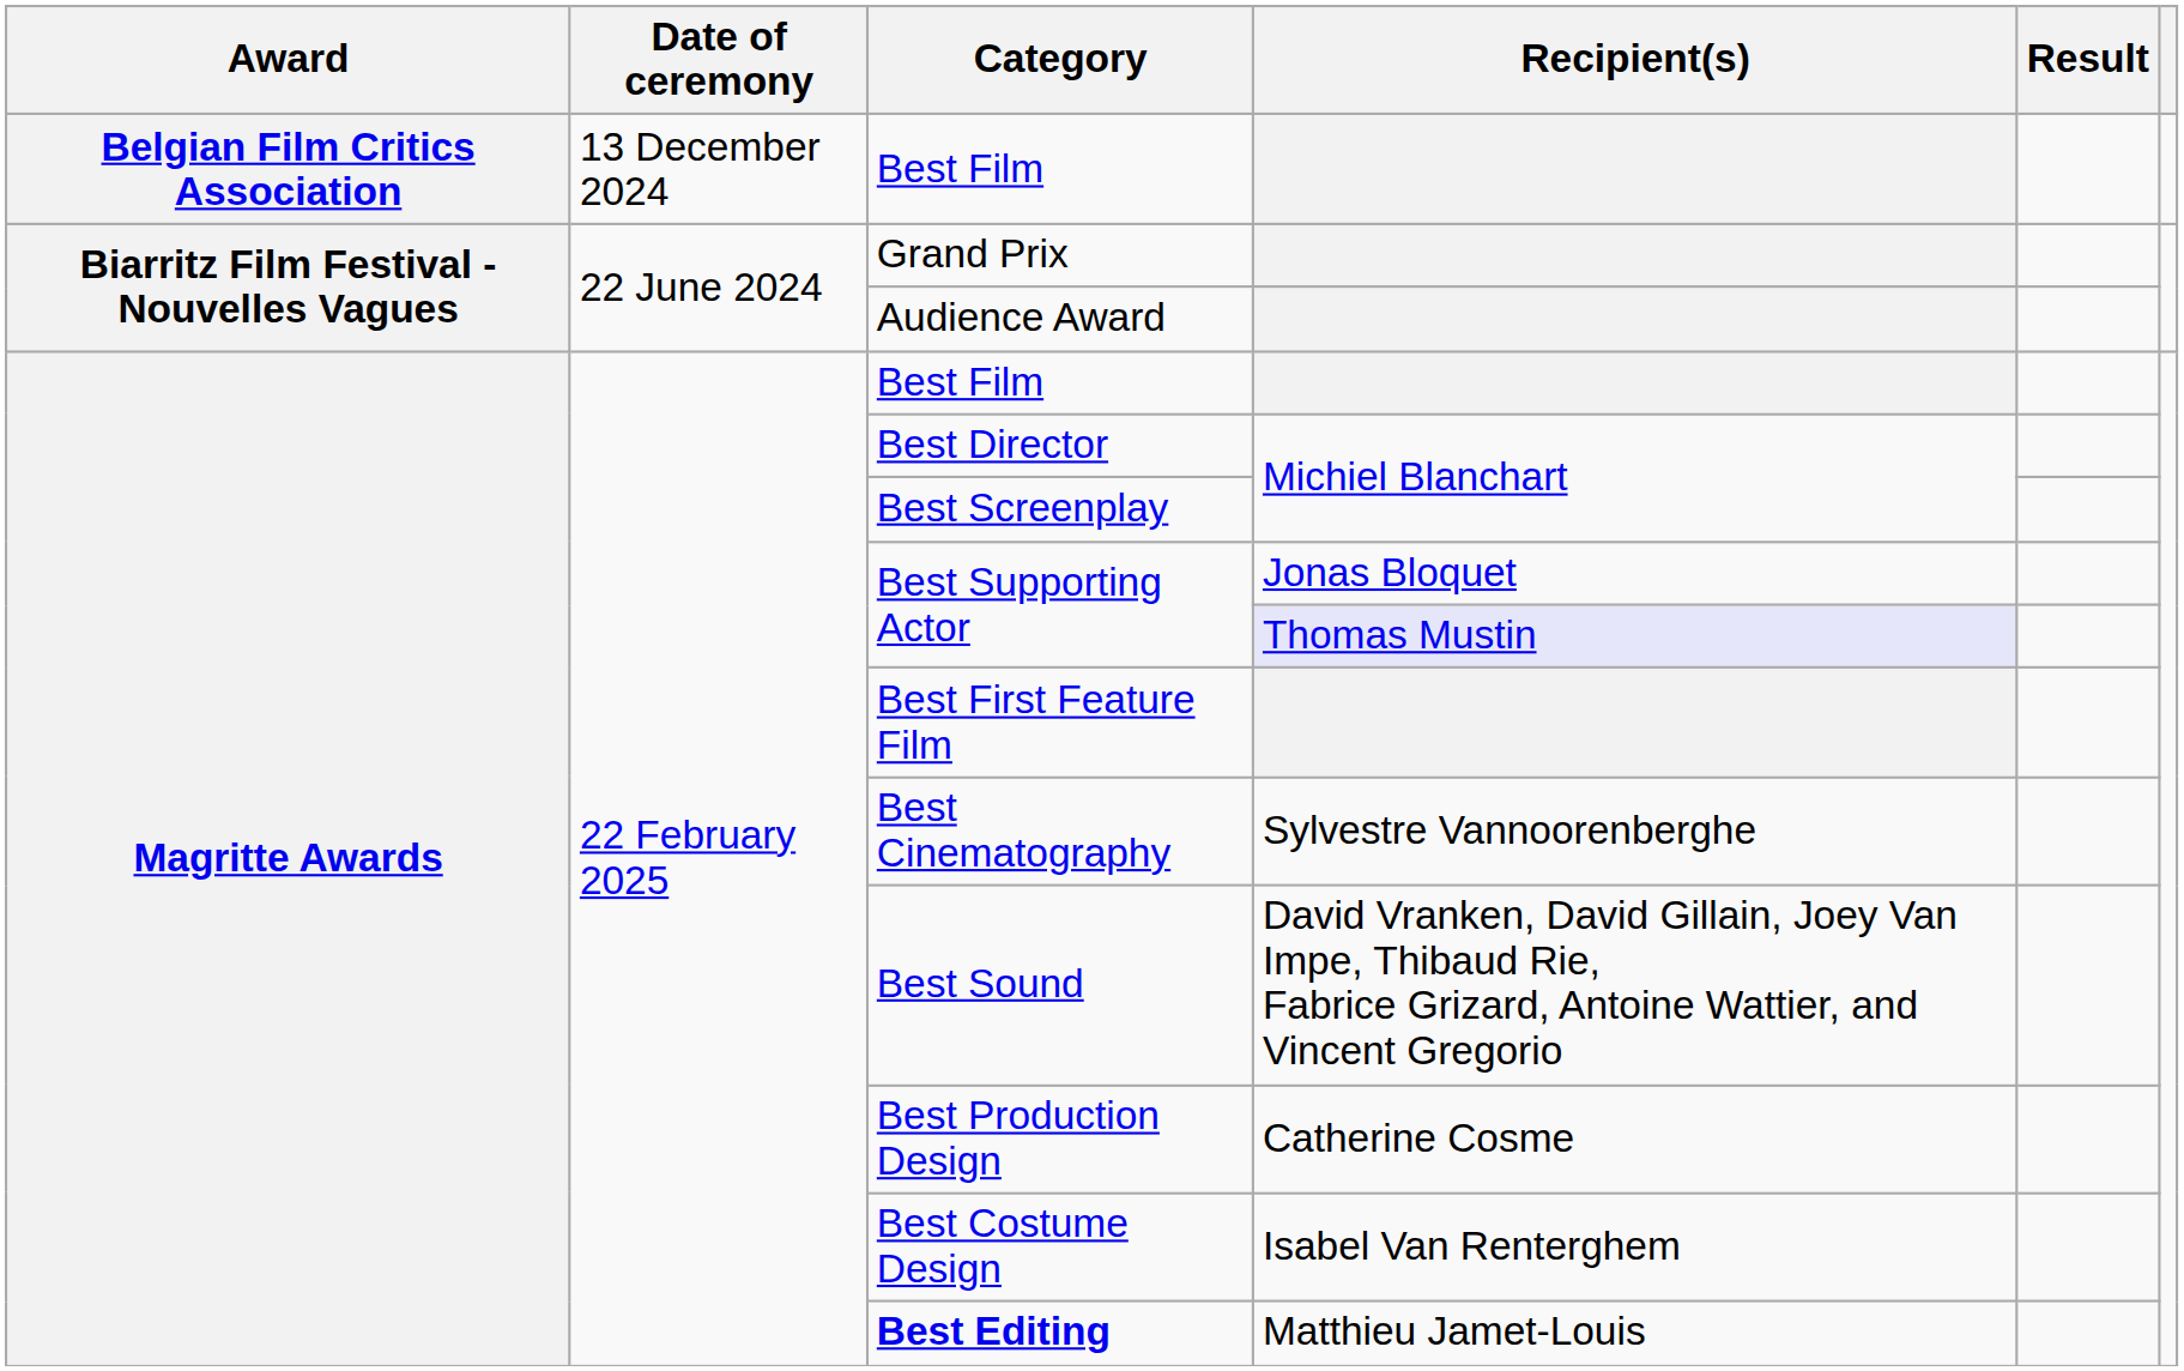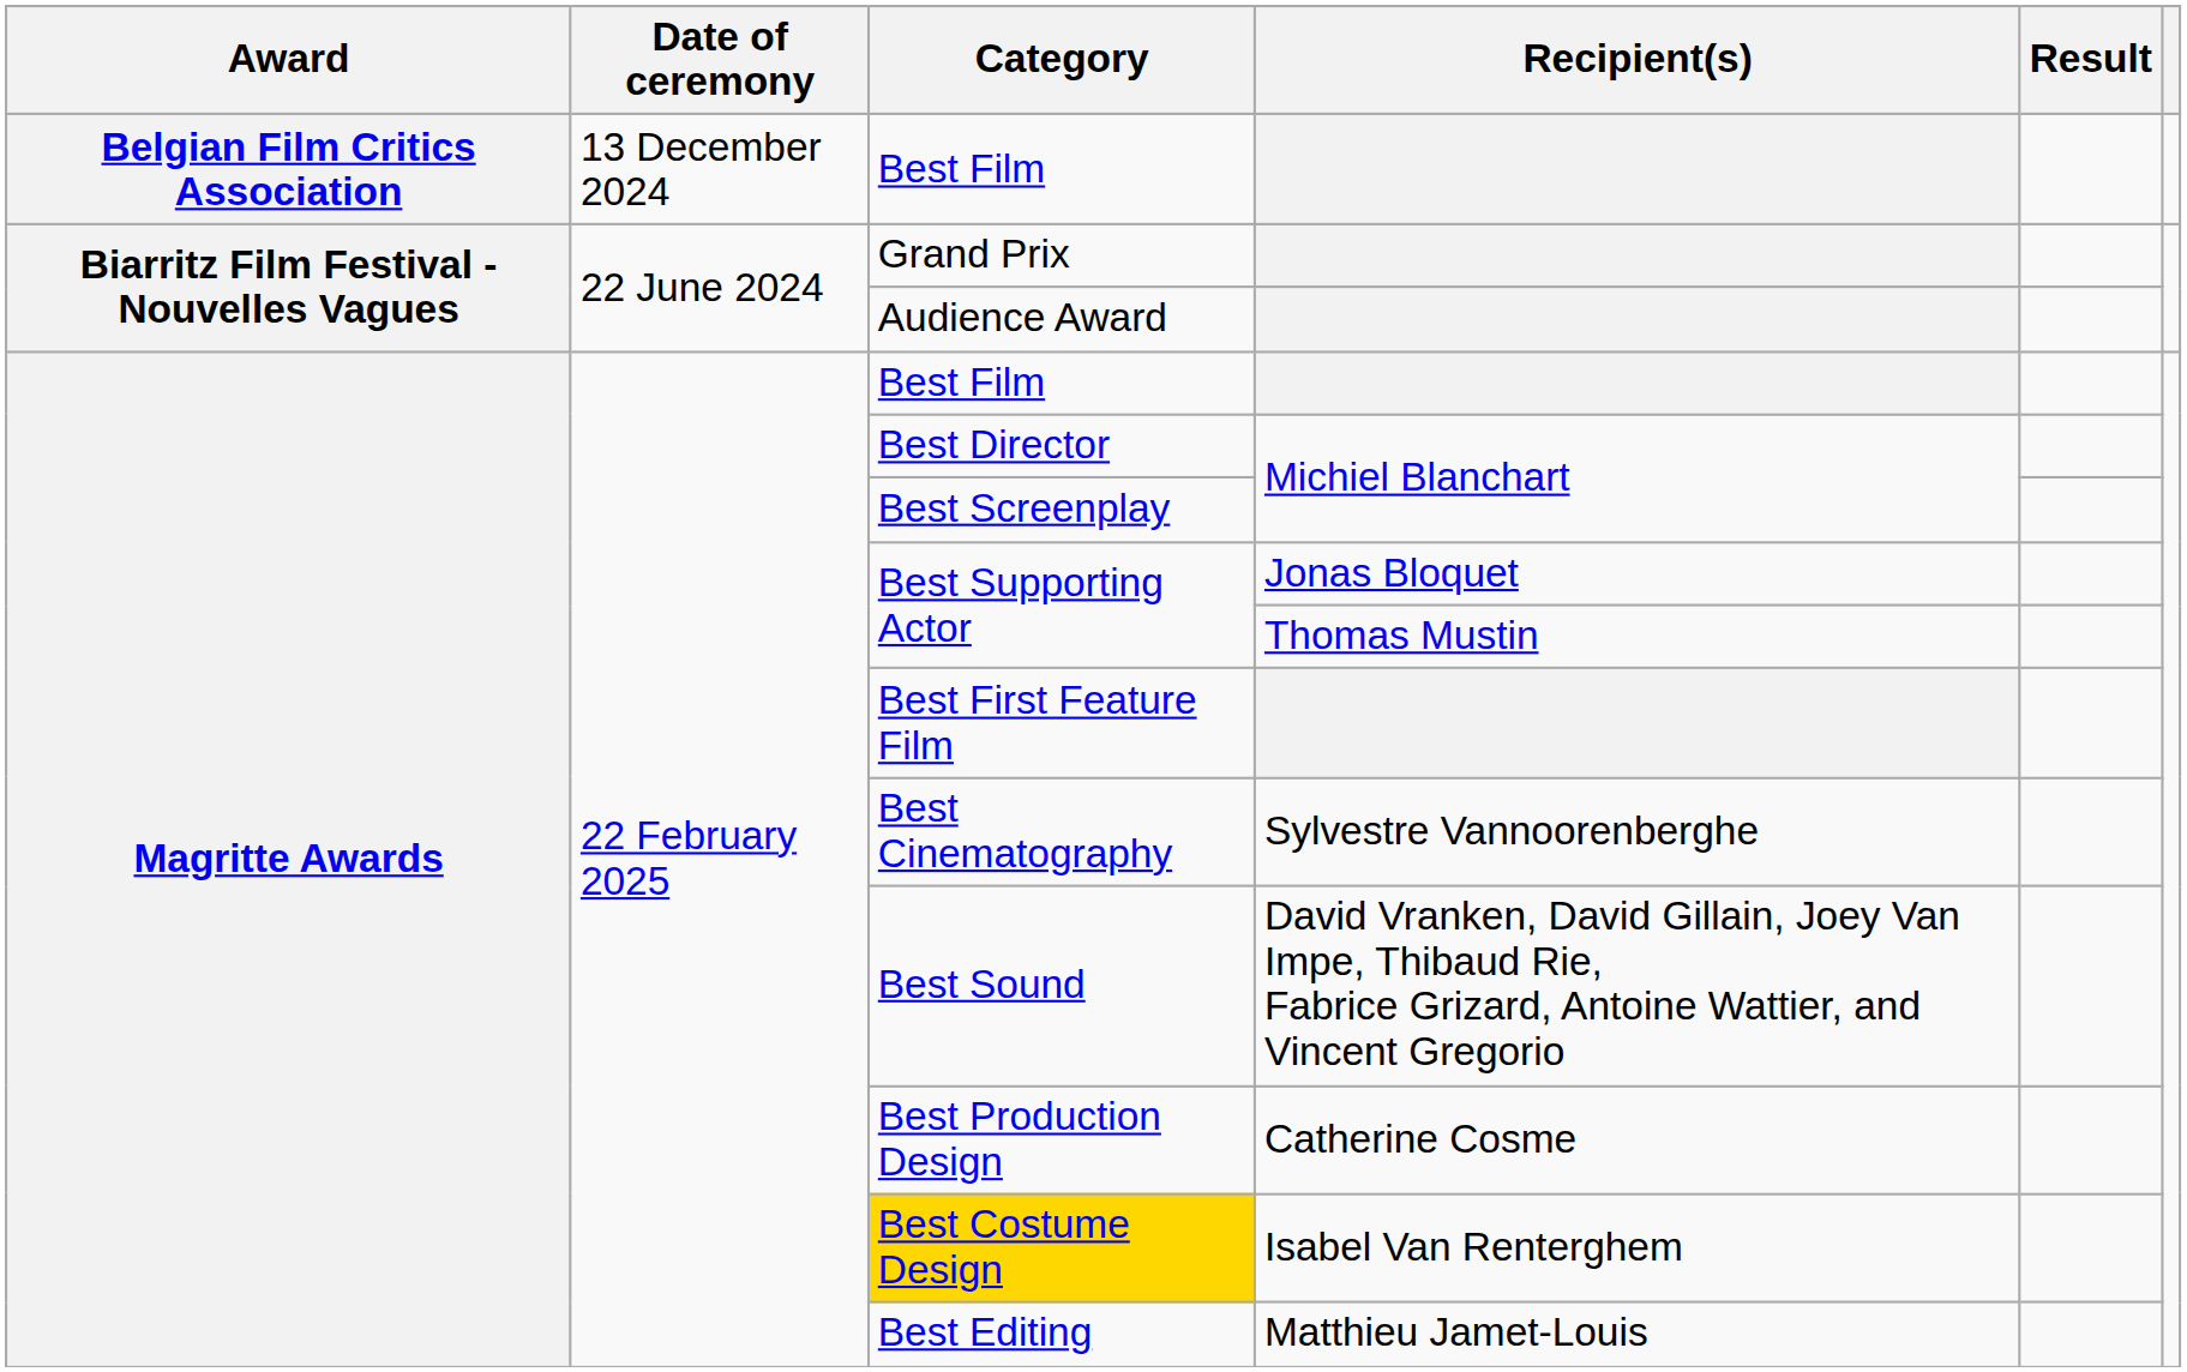 <table class="wikitable sortable plainrowheaders">
 <tr>
 <th scope="col">Award</th>
 <th scope="col">Date of ceremony</th>
 <th scope="col">Category</th>
 <th scope="col">Recipient(s)</th>
 <th scope="col">Result</th>
 <th scope="col" class="unsortable"></th>
 </tr>
 <tr>
 <th scope="row"><a href='#'>Belgian Film Critics Association</a></th>
 <td>13 December 2024</td>
 <td><a href='#'>Best Film</a></td>
 <th></th>
 <td></td>
 <td align="center"></td>
 </tr>
 <tr>
 <th scope="row" rowspan="2">Biarritz Film Festival - Nouvelles Vagues</th>
 <td rowspan="2">22 June 2024</td>
 <td>Grand Prix</td>
 <th></th>
 <td></td>
 <td rowspan="2" align="center"></td>
 </tr>
 <tr>
 <td>Audience Award</td>
 <th></th>
 <td></td>
 </tr>
 <tr>
 <th scope="row" rowspan="11"><a href='#'>Magritte Awards</a></th>
 <td rowspan="11"><a href='#'>22 February 2025</a></td>
 <td><a href='#'>Best Film</a></td>
 <th></th>
 <td></td>
 <td rowspan="11" align="center"></td>
 </tr>
 <tr>
 <td><a href='#'>Best Director</a></td>
 <td rowspan="2"><a href='#'>Michiel Blanchart</a></td>
 <td></td>
 </tr>
 <tr>
 <td><a href='#'>Best Screenplay</a></td>
 <td></td>
 </tr>
 <tr>
 <td rowspan="2"><a href='#'>Best Supporting Actor</a></td>
 <td><a href='#'>Jonas Bloquet</a></td>
 <td></td>
 </tr>
 <tr>
-<td style="background: lavender;"><a href='#'>Thomas Mustin</a></td>
+<td><a href='#'>Thomas Mustin</a></td>
 <td></td>
 </tr>
 <tr>
 <td><a href='#'>Best First Feature Film</a></td>
 <th></th>
 <td></td>
 </tr>
 <tr>
 <td><a href='#'>Best Cinematography</a></td>
 <td>Sylvestre Vannoorenberghe</td>
 <td></td>
 </tr>
 <tr>
 <td><a href='#'>Best Sound</a></td>
 <td>David Vranken, David Gillain, Joey Van Impe, Thibaud Rie,<br>Fabrice Grizard, Antoine Wattier, and Vincent Gregorio</td>
 <td></td>
 </tr>
 <tr>
 <td><a href='#'>Best Production Design</a></td>
 <td>Catherine Cosme</td>
 <td></td>
 </tr>
 <tr>
-<td><a href='#'>Best Costume Design</a></td>
+<td style="background: gold;"><a href='#'>Best Costume Design</a></td>
 <td>Isabel Van Renterghem</td>
 <td></td>
 </tr>
 <tr>
-<td><strong><a href='#'>Best Editing</a></strong></td>
+<td><a href='#'>Best Editing</a></td>
 <td>Matthieu Jamet-Louis</td>
 <td></td>
 </tr>
 </table>
